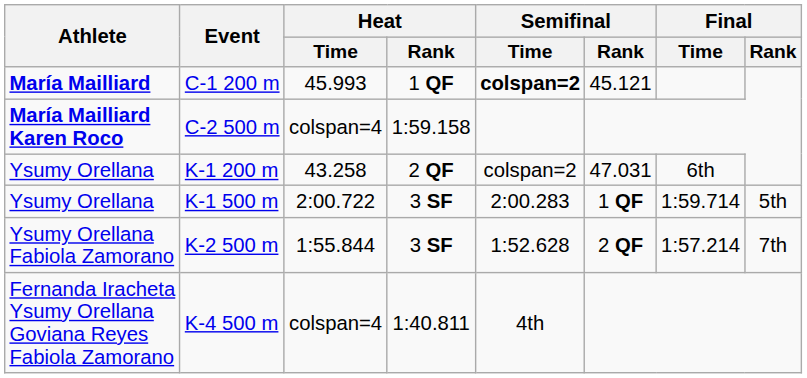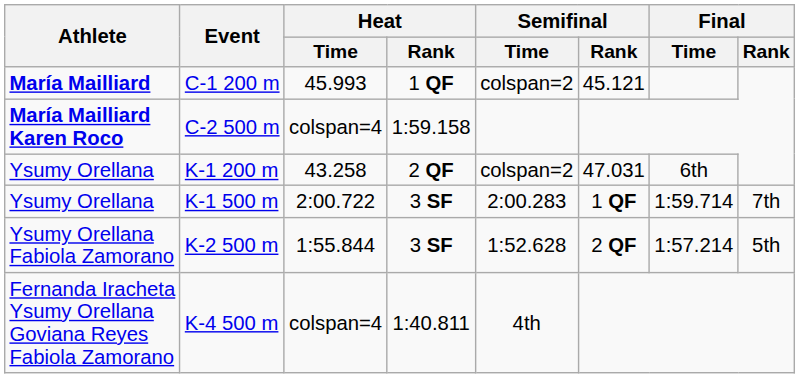 <table class=wikitable style=font-size:90%;text-align:center>
 <tr>
 <th rowspan=2>Athlete</th>
 <th rowspan=2>Event</th>
 <th colspan=2>Heat</th>
 <th colspan=2>Semifinal</th>
 <th colspan=2>Final</th>
 </tr>
 <tr style=font-size:95%>
 <th>Time</th>
 <th>Rank</th>
 <th>Time</th>
 <th>Rank</th>
 <th>Time</th>
 <th>Rank</th>
 </tr>
 <tr>
 <td align=left><strong><a href='#'>María Mailliard</a></strong></td>
 <td align=left><a href='#'>C-1 200 m</a></td>
 <td>45.993</td>
 <td>1 <strong>QF</strong></td>
-<td><strong>colspan=2 </strong></td>
+<td>colspan=2 </td>
 <td>45.121</td>
 <td></td>
 </tr>
 <tr>
 <td align=left><strong><a href='#'>María Mailliard</a><br><a href='#'>Karen Roco</a></strong></td>
 <td align=left><a href='#'>C-2 500 m</a></td>
 <td>colspan=4 </td>
 <td>1:59.158</td>
 <td></td>
 </tr>
 <tr>
 <td align=left><a href='#'>Ysumy Orellana</a></td>
 <td align=left><a href='#'>K-1 200 m</a></td>
 <td>43.258</td>
 <td>2 <strong>QF</strong></td>
 <td>colspan=2 </td>
 <td>47.031</td>
 <td>6th</td>
 </tr>
 <tr>
 <td align=left><a href='#'>Ysumy Orellana</a></td>
 <td align=left><a href='#'>K-1 500 m</a></td>
 <td>2:00.722</td>
 <td>3 <strong>SF</strong></td>
 <td>2:00.283</td>
 <td>1 <strong>QF</strong></td>
 <td>1:59.714</td>
-<td>5th</td>
+<td>7th</td>
 </tr>
 <tr>
 <td align=left><a href='#'>Ysumy Orellana</a><br><a href='#'>Fabiola Zamorano</a></td>
 <td align=left><a href='#'>K-2 500 m</a></td>
 <td>1:55.844</td>
 <td>3 <strong>SF</strong></td>
 <td>1:52.628</td>
 <td>2 <strong>QF</strong></td>
 <td>1:57.214</td>
-<td>7th</td>
+<td>5th</td>
 </tr>
 <tr>
 <td align=left><a href='#'>Fernanda Iracheta</a><br><a href='#'>Ysumy Orellana</a><br><a href='#'>Goviana Reyes</a><br><a href='#'>Fabiola Zamorano</a></td>
 <td align=left><a href='#'>K-4 500 m</a></td>
 <td>colspan=4 </td>
 <td>1:40.811</td>
 <td>4th</td>
 </tr>
 </table>
